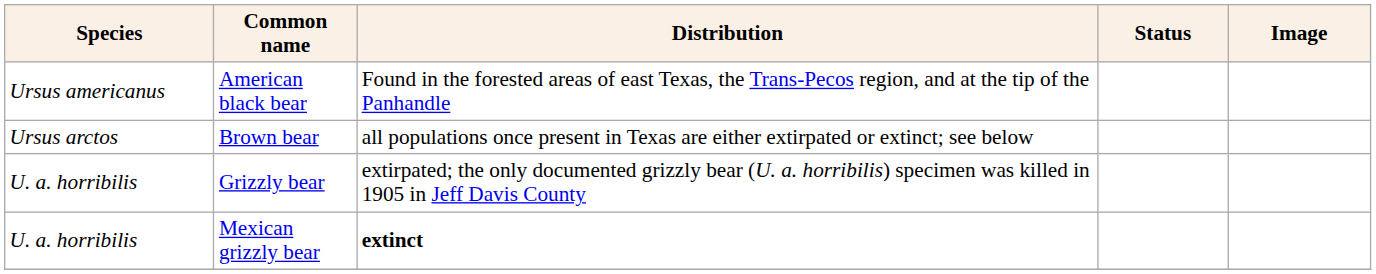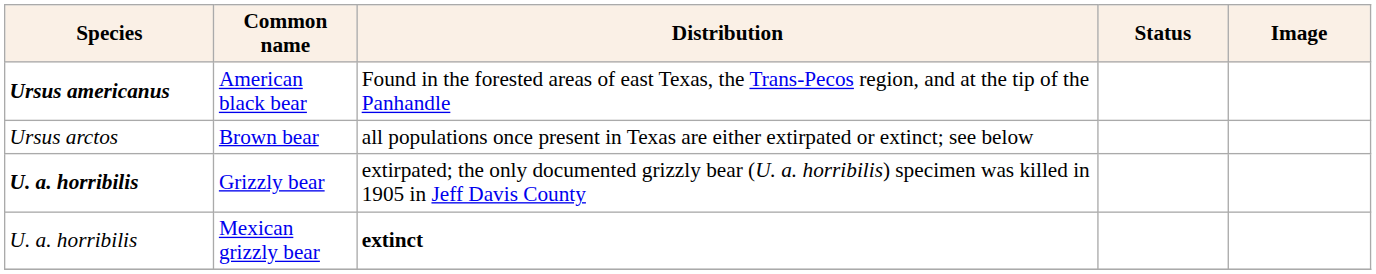 <table class="sortable wikitable plainrowheaders" border="0" style="background:#ffffff" align="top" class="sortable wikitable">
 <tr ->
 <th scope="col" style="background-color:Linen; color:Black" width=150 px>Species</th>
 <th scope="col" style="background-color:Linen; color:Black" width=100 px>Common name</th>
 <th scope="col" style="background:Linen; color:Black" width=550 px>Distribution</th>
 <th scope="col" style="background-color:Linen; color:Black" width=90 px>Status</th>
 <th scope="col" style="background:Linen; color:Black" width=100 px>Image</th>
 </tr>
 <tr>
-<td !scope="row" style="background:#ffffff"><em>Ursus americanus</em></td>
+<td !scope="row" style="background:#ffffff"><strong><em>Ursus americanus</em></strong></td>
 <td><a href='#'>American black bear</a></td>
 <td>Found in the forested areas of east Texas, the <a href='#'>Trans-Pecos</a> region, and at the tip of the <a href='#'>Panhandle</a></td>
 <td></td>
 <td></td>
 </tr>
 <tr>
 <td><em>Ursus arctos</em></td>
 <td><a href='#'>Brown bear</a></td>
 <td>all populations once present in Texas are either extirpated or extinct; see below</td>
 <td></td>
 <td></td>
 </tr>
 <tr>
-<td !scope="row" style="background:#ffffff"><em>U. a. horribilis</em></td>
+<td !scope="row" style="background:#ffffff"><strong><em>U. a. horribilis</em></strong></td>
 <td><a href='#'>Grizzly bear</a></td>
 <td>extirpated; the only documented grizzly bear (<em>U. a. horribilis</em>) specimen was killed in 1905 in <a href='#'>Jeff Davis County</a></td>
 <td></td>
 <td></td>
 </tr>
 <tr>
 <td><em>U. a. horribilis</em></td>
 <td><a href='#'>Mexican grizzly bear</a></td>
 <td><strong>extinct</strong></td>
 <td></td>
 <td></td>
 </tr>
 <tr>
 </tr>
 </table>
